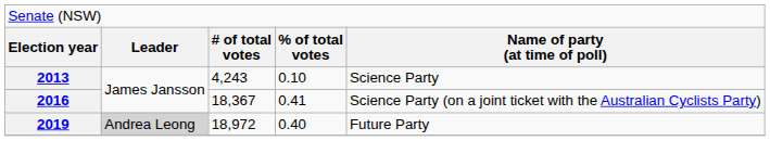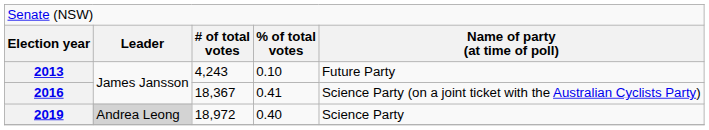 <table class="wikitable">
 <tr>
 <td colspan="6"><a href='#'>Senate</a> (NSW)</td>
 </tr>
 <tr>
 <th>Election year</th>
 <th>Leader</th>
 <th># of total<br>votes</th>
 <th>% of total<br>votes</th>
 <th>Name of party <br> (at time of poll)</th>
 </tr>
 <tr>
 <th><a href='#'>2013</a></th>
 <td rowspan="2">James Jansson</td>
 <td>4,243</td>
 <td>0.10</td>
-<td>Science Party</td>
+<td>Future Party</td>
 </tr>
 <tr>
 <th><a href='#'>2016</a></th>
 <td>18,367</td>
 <td> 0.41</td>
 <td>Science Party (on a joint ticket with the <a href='#'>Australian Cyclists Party</a>)</td>
 </tr>
 <tr>
 <th><a href='#'>2019</a></th>
 <td style="background: lightgrey;">Andrea Leong</td>
 <td>18,972</td>
 <td> 0.40</td>
-<td>Future Party</td>
+<td>Science Party</td>
 </tr>
 <tr>
 </tr>
 </table>
